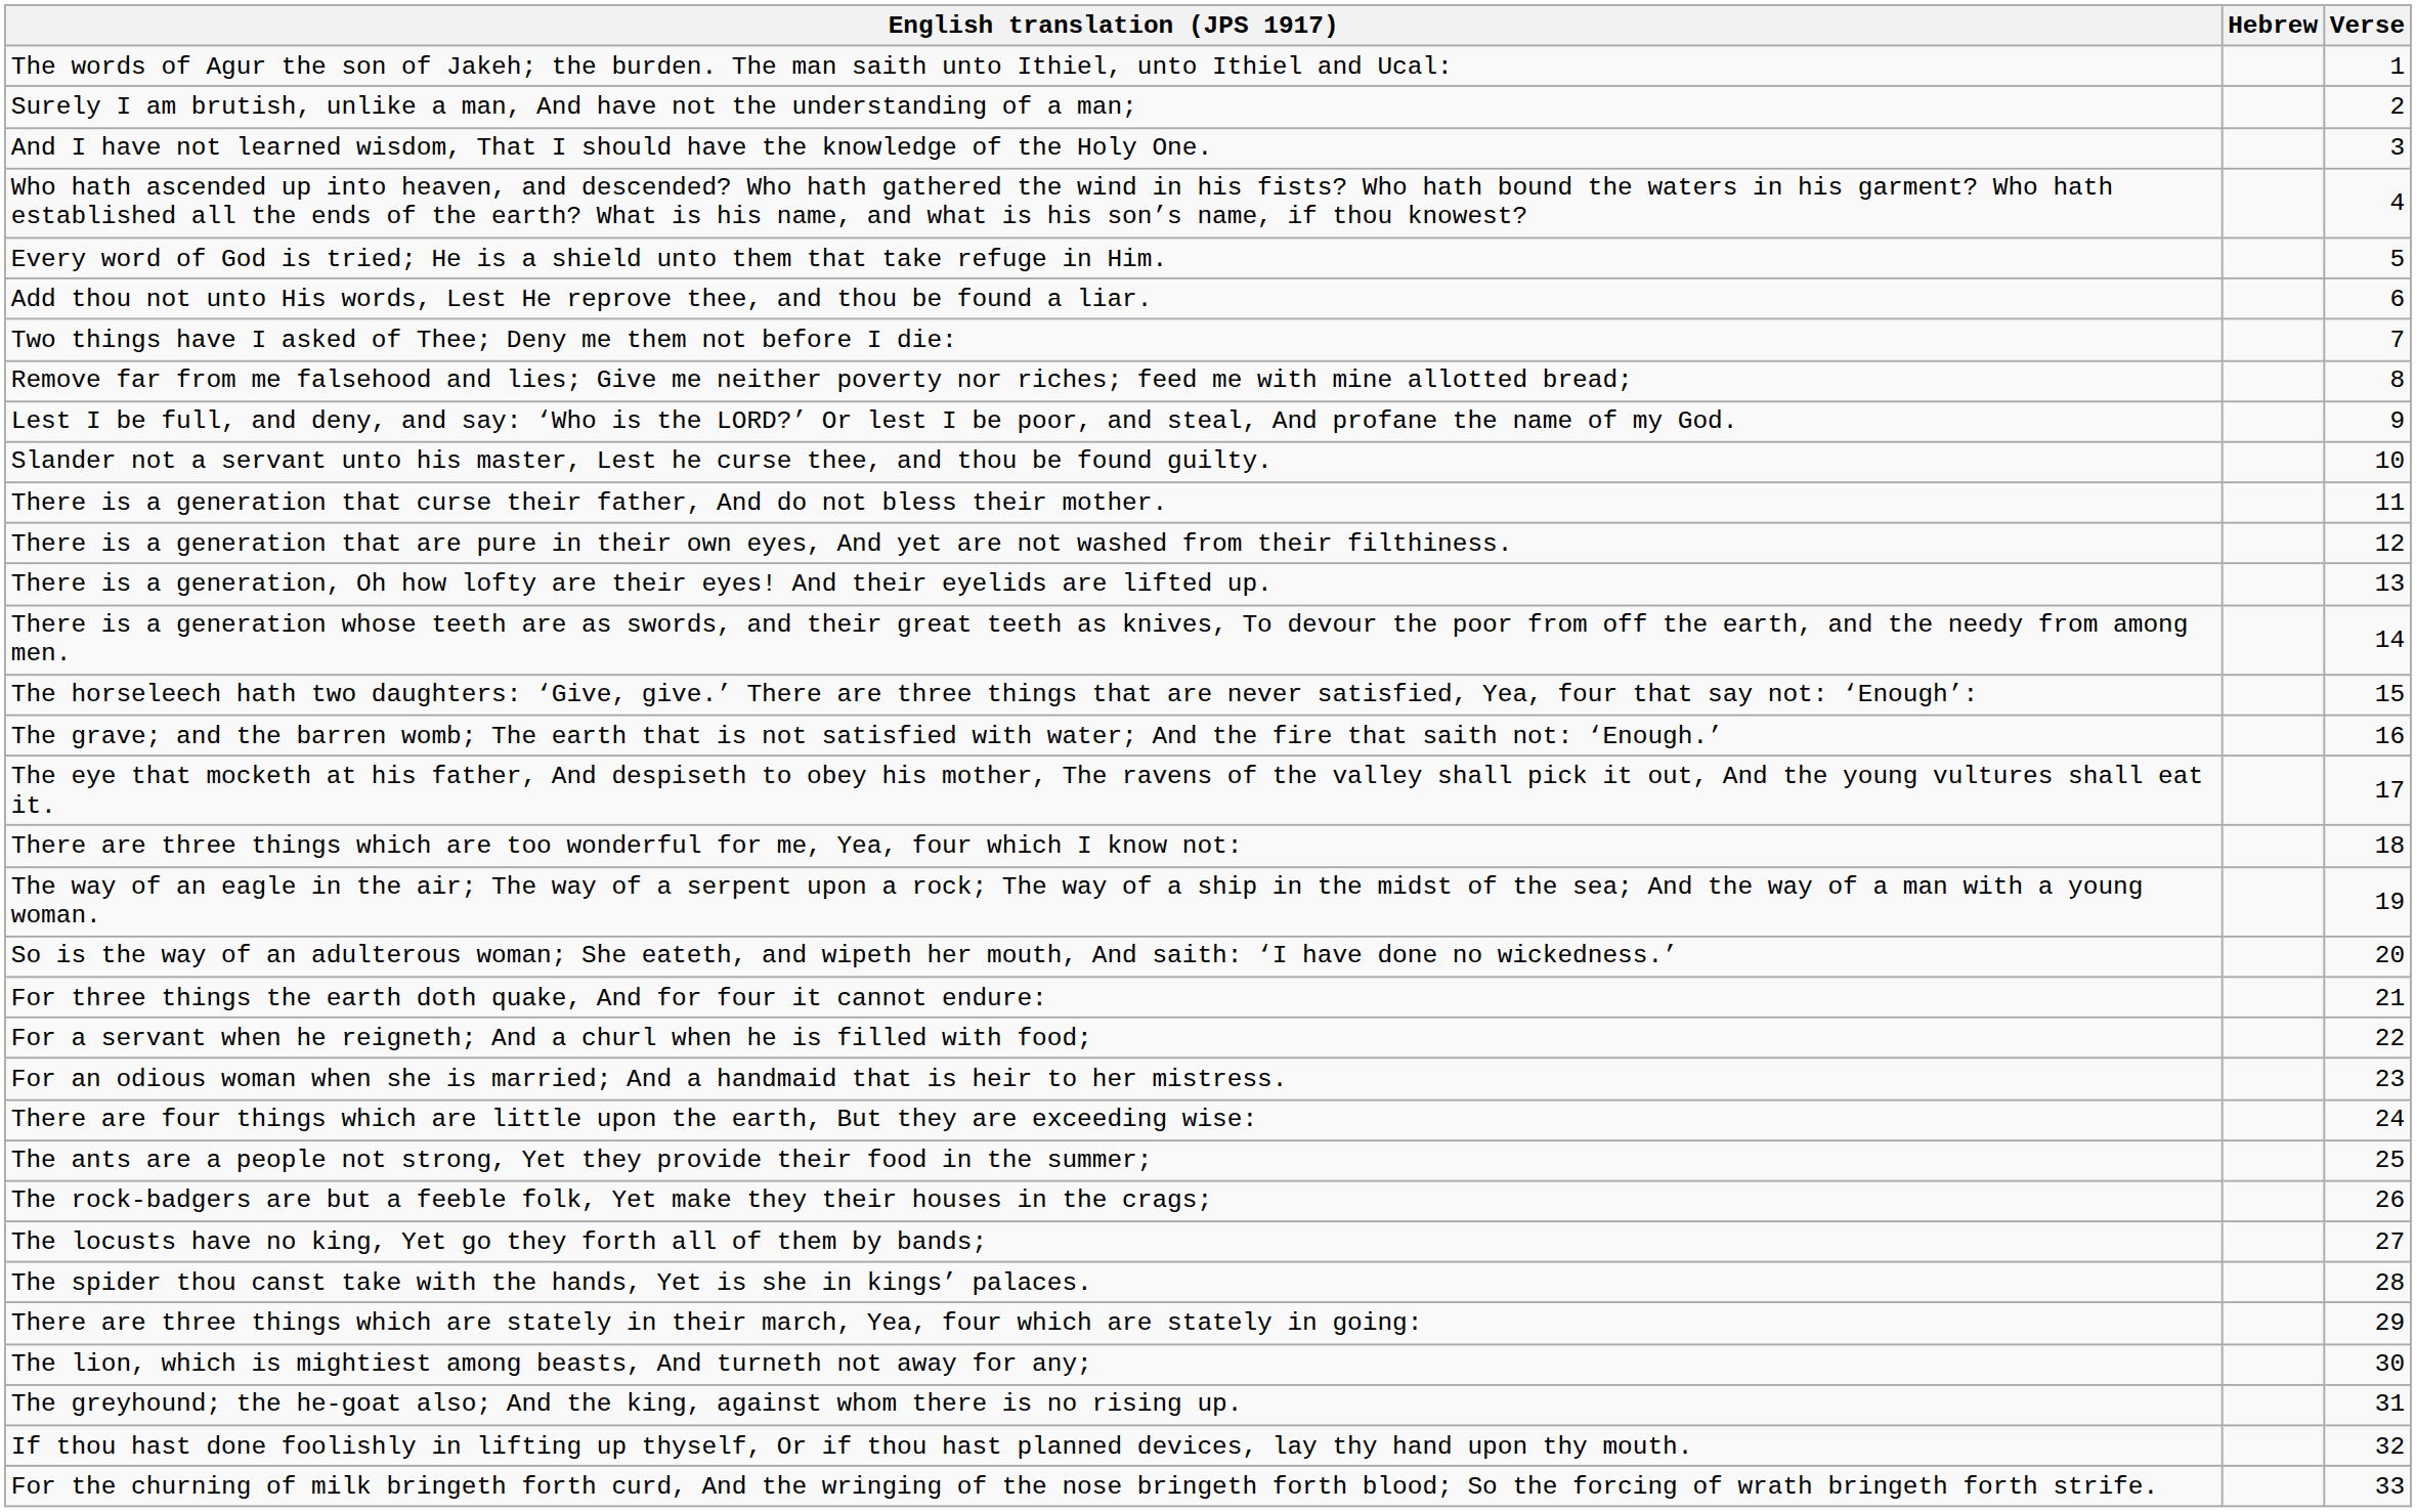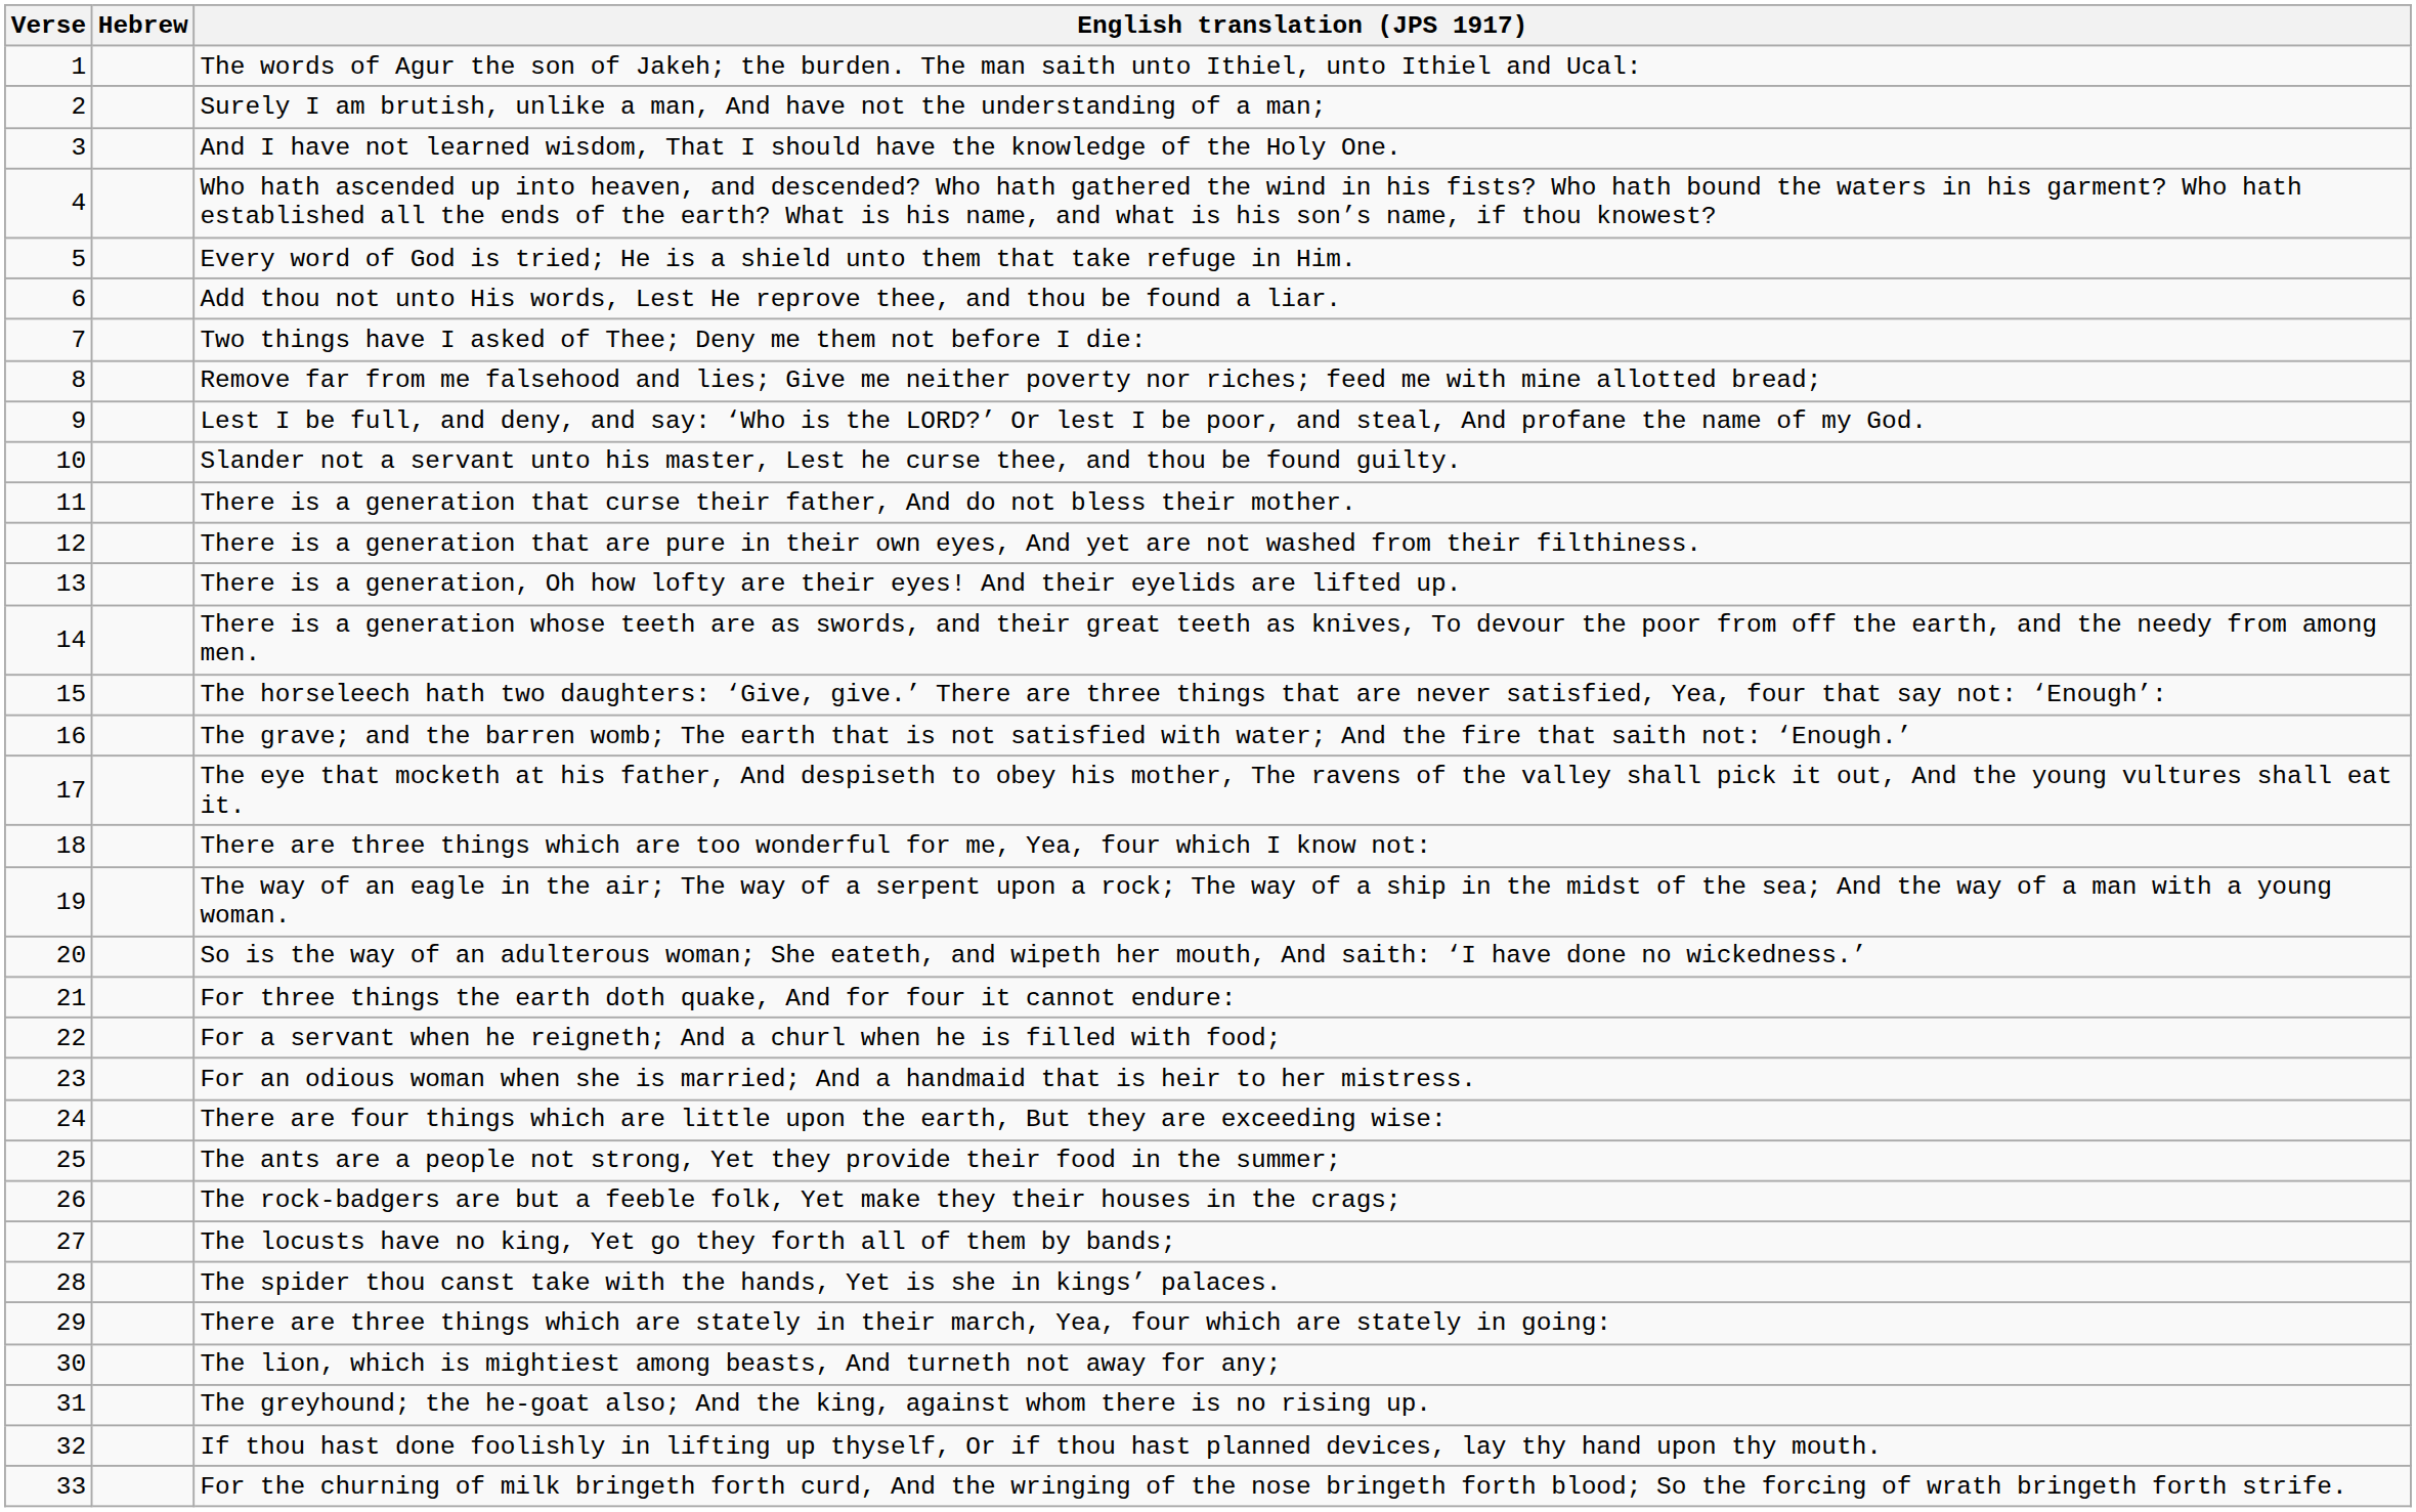 <table class="wikitable">
 <tr>
+<th>Verse</th>
+<th>Hebrew</th>
 <th>English translation (JPS 1917)</th>
-<th>Hebrew</th>
-<th>Verse</th>
 </tr>
 <tr>
+<td style="text-align:right">1</td>
+<td style="text-align:right"></td>
 <td>The words of Agur the son of Jakeh; the burden. The man saith unto Ithiel, unto Ithiel and Ucal:</td>
-<td style="text-align:right"></td>
-<td style="text-align:right">1</td>
 </tr>
 <tr>
+<td style="text-align:right">2</td>
+<td style="text-align:right"></td>
 <td>Surely I am brutish, unlike a man, And have not the understanding of a man;</td>
-<td style="text-align:right"></td>
-<td style="text-align:right">2</td>
 </tr>
 <tr>
+<td style="text-align:right">3</td>
+<td style="text-align:right"></td>
 <td>And I have not learned wisdom, That I should have the knowledge of the Holy One.</td>
-<td style="text-align:right"></td>
-<td style="text-align:right">3</td>
 </tr>
 <tr>
+<td style="text-align:right">4</td>
+<td style="text-align:right"></td>
 <td>Who hath ascended up into heaven, and descended? Who hath gathered the wind in his fists? Who hath bound the waters in his garment? Who hath established all the ends of the earth? What is his name, and what is his son’s name, if thou knowest?</td>
-<td style="text-align:right"></td>
-<td style="text-align:right">4</td>
 </tr>
 <tr>
+<td style="text-align:right">5</td>
+<td style="text-align:right"></td>
 <td>Every word of God is tried; He is a shield unto them that take refuge in Him.</td>
-<td style="text-align:right"></td>
-<td style="text-align:right">5</td>
 </tr>
 <tr>
+<td style="text-align:right">6</td>
+<td style="text-align:right"></td>
 <td>Add thou not unto His words, Lest He reprove thee, and thou be found a liar.</td>
-<td style="text-align:right"></td>
-<td style="text-align:right">6</td>
 </tr>
 <tr>
+<td style="text-align:right">7</td>
+<td style="text-align:right"></td>
 <td>Two things have I asked of Thee; Deny me them not before I die:</td>
-<td style="text-align:right"></td>
-<td style="text-align:right">7</td>
 </tr>
 <tr>
+<td style="text-align:right">8</td>
+<td style="text-align:right"></td>
 <td>Remove far from me falsehood and lies; Give me neither poverty nor riches; feed me with mine allotted bread;</td>
-<td style="text-align:right"></td>
-<td style="text-align:right">8</td>
 </tr>
 <tr>
+<td style="text-align:right">9</td>
+<td style="text-align:right"></td>
 <td>Lest I be full, and deny, and say: ‘Who is the LORD?’ Or lest I be poor, and steal, And profane the name of my God.</td>
-<td style="text-align:right"></td>
-<td style="text-align:right">9</td>
 </tr>
 <tr>
+<td style="text-align:right">10</td>
+<td style="text-align:right"></td>
 <td>Slander not a servant unto his master, Lest he curse thee, and thou be found guilty.</td>
-<td style="text-align:right"></td>
-<td style="text-align:right">10</td>
 </tr>
 <tr>
+<td style="text-align:right">11</td>
+<td style="text-align:right"></td>
 <td>There is a generation that curse their father, And do not bless their mother.</td>
-<td style="text-align:right"></td>
-<td style="text-align:right">11</td>
 </tr>
 <tr>
+<td style="text-align:right">12</td>
+<td style="text-align:right"></td>
 <td>There is a generation that are pure in their own eyes, And yet are not washed from their filthiness.</td>
-<td style="text-align:right"></td>
-<td style="text-align:right">12</td>
 </tr>
 <tr>
+<td style="text-align:right">13</td>
+<td style="text-align:right"></td>
 <td>There is a generation, Oh how lofty are their eyes! And their eyelids are lifted up.</td>
-<td style="text-align:right"></td>
-<td style="text-align:right">13</td>
 </tr>
 <tr>
+<td style="text-align:right">14</td>
+<td style="text-align:right"></td>
 <td>There is a generation whose teeth are as swords, and their great teeth as knives, To devour the poor from off the earth, and the needy from among men.</td>
-<td style="text-align:right"></td>
-<td style="text-align:right">14</td>
 </tr>
 <tr>
+<td style="text-align:right">15</td>
+<td style="text-align:right"></td>
 <td>The horseleech hath two daughters: ‘Give, give.’ There are three things that are never satisfied, Yea, four that say not: ‘Enough’:</td>
-<td style="text-align:right"></td>
-<td style="text-align:right">15</td>
 </tr>
 <tr>
+<td style="text-align:right">16</td>
+<td style="text-align:right"></td>
 <td>The grave; and the barren womb; The earth that is not satisfied with water; And the fire that saith not: ‘Enough.’</td>
-<td style="text-align:right"></td>
-<td style="text-align:right">16</td>
 </tr>
 <tr>
+<td style="text-align:right">17</td>
+<td style="text-align:right"></td>
 <td>The eye that mocketh at his father, And despiseth to obey his mother, The ravens of the valley shall pick it out, And the young vultures shall eat it.</td>
-<td style="text-align:right"></td>
-<td style="text-align:right">17</td>
 </tr>
 <tr>
+<td style="text-align:right">18</td>
+<td style="text-align:right"></td>
 <td>There are three things which are too wonderful for me, Yea, four which I know not:</td>
-<td style="text-align:right"></td>
-<td style="text-align:right">18</td>
 </tr>
 <tr>
+<td style="text-align:right">19</td>
+<td style="text-align:right"></td>
 <td>The way of an eagle in the air; The way of a serpent upon a rock; The way of a ship in the midst of the sea; And the way of a man with a young woman.</td>
-<td style="text-align:right"></td>
-<td style="text-align:right">19</td>
 </tr>
 <tr>
+<td style="text-align:right">20</td>
+<td style="text-align:right"></td>
 <td>So is the way of an adulterous woman; She eateth, and wipeth her mouth, And saith: ‘I have done no wickedness.’</td>
-<td style="text-align:right"></td>
-<td style="text-align:right">20</td>
 </tr>
 <tr>
+<td style="text-align:right">21</td>
+<td style="text-align:right"></td>
 <td>For three things the earth doth quake, And for four it cannot endure:</td>
-<td style="text-align:right"></td>
-<td style="text-align:right">21</td>
 </tr>
 <tr>
+<td style="text-align:right">22</td>
+<td style="text-align:right"></td>
 <td>For a servant when he reigneth; And a churl when he is filled with food;</td>
-<td style="text-align:right"></td>
-<td style="text-align:right">22</td>
 </tr>
 <tr>
+<td style="text-align:right">23</td>
+<td style="text-align:right"></td>
 <td>For an odious woman when she is married; And a handmaid that is heir to her mistress.</td>
-<td style="text-align:right"></td>
-<td style="text-align:right">23</td>
 </tr>
 <tr>
+<td style="text-align:right">24</td>
+<td style="text-align:right"></td>
 <td>There are four things which are little upon the earth, But they are exceeding wise:</td>
-<td style="text-align:right"></td>
-<td style="text-align:right">24</td>
 </tr>
 <tr>
+<td style="text-align:right">25</td>
+<td style="text-align:right"></td>
 <td>The ants are a people not strong, Yet they provide their food in the summer;</td>
-<td style="text-align:right"></td>
-<td style="text-align:right">25</td>
 </tr>
 <tr>
+<td style="text-align:right">26</td>
+<td style="text-align:right"></td>
 <td>The rock-badgers are but a feeble folk, Yet make they their houses in the crags;</td>
-<td style="text-align:right"></td>
-<td style="text-align:right">26</td>
 </tr>
 <tr>
+<td style="text-align:right">27</td>
+<td style="text-align:right"></td>
 <td>The locusts have no king, Yet go they forth all of them by bands;</td>
-<td style="text-align:right"></td>
-<td style="text-align:right">27</td>
 </tr>
 <tr>
+<td style="text-align:right">28</td>
+<td style="text-align:right"></td>
 <td>The spider thou canst take with the hands, Yet is she in kings’ palaces.</td>
-<td style="text-align:right"></td>
-<td style="text-align:right">28</td>
 </tr>
 <tr>
+<td style="text-align:right">29</td>
+<td style="text-align:right"></td>
 <td>There are three things which are stately in their march, Yea, four which are stately in going:</td>
-<td style="text-align:right"></td>
-<td style="text-align:right">29</td>
 </tr>
 <tr>
+<td style="text-align:right">30</td>
+<td style="text-align:right"></td>
 <td>The lion, which is mightiest among beasts, And turneth not away for any;</td>
-<td style="text-align:right"></td>
-<td style="text-align:right">30</td>
 </tr>
 <tr>
+<td style="text-align:right">31</td>
+<td style="text-align:right"></td>
 <td>The greyhound; the he-goat also; And the king, against whom there is no rising up.</td>
-<td style="text-align:right"></td>
-<td style="text-align:right">31</td>
 </tr>
 <tr>
+<td style="text-align:right">32</td>
+<td style="text-align:right"></td>
 <td>If thou hast done foolishly in lifting up thyself, Or if thou hast planned devices, lay thy hand upon thy mouth.</td>
-<td style="text-align:right"></td>
-<td style="text-align:right">32</td>
 </tr>
 <tr>
+<td style="text-align:right">33</td>
+<td style="text-align:right"></td>
 <td>For the churning of milk bringeth forth curd, And the wringing of the nose bringeth forth blood; So the forcing of wrath bringeth forth strife.</td>
-<td style="text-align:right"></td>
-<td style="text-align:right">33</td>
 </tr>
 </table>
